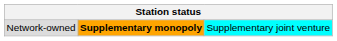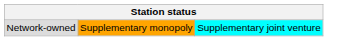 <table class="wikitable">
 <tr>
 <th colspan=3>Station status</th>
 </tr>
 <tr>
 <td style="background:gainsboro;">Network-owned</td>
-<td style="background:orange;"><strong>Supplementary monopoly</strong></td>
+<td style="background:orange;">Supplementary monopoly</td>
 <td style="background:cyan;">Supplementary joint venture</td>
 </tr>
 </table>
